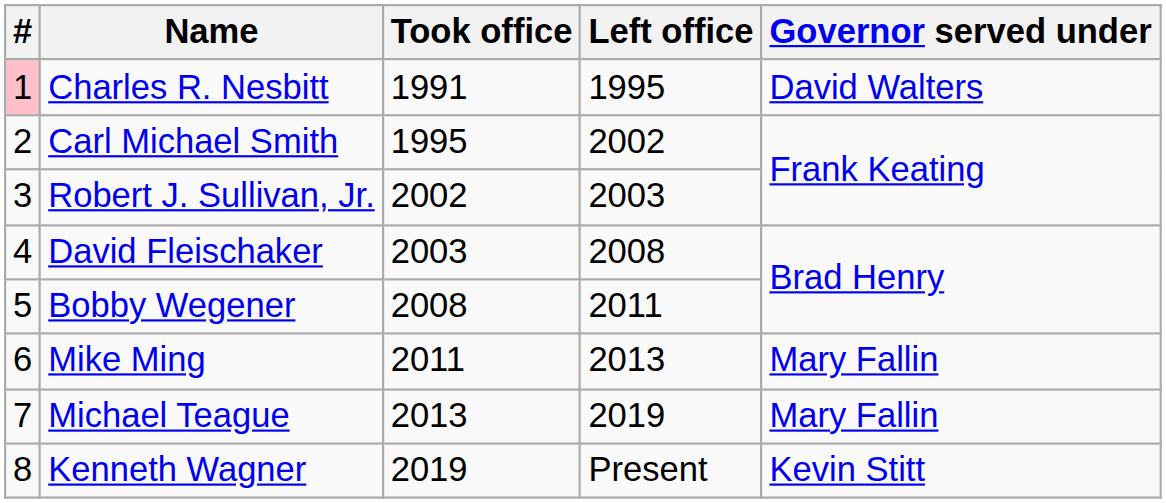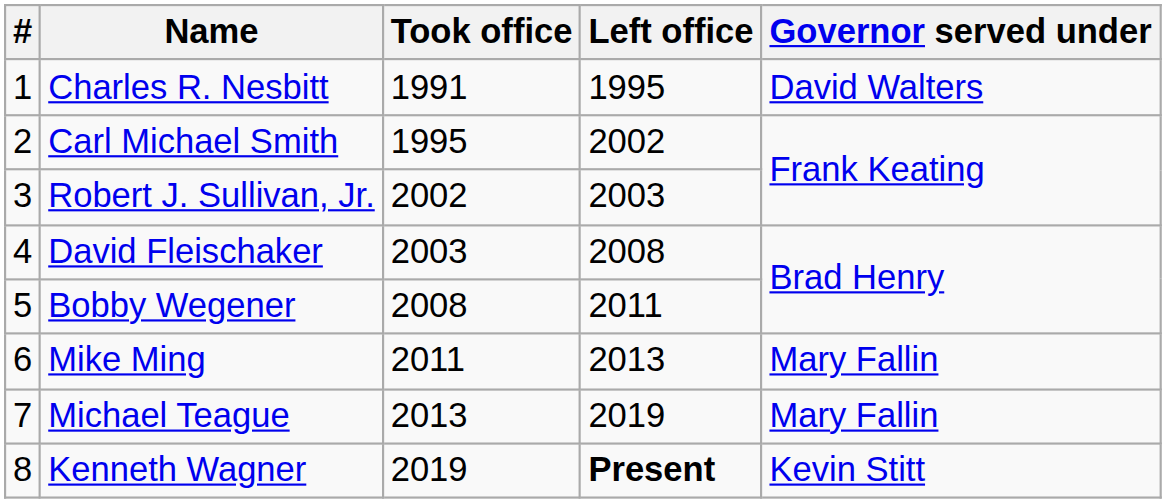 <table class="wikitable">
 <tr>
 <th>#</th>
 <th>Name</th>
 <th>Took office</th>
 <th>Left office</th>
 <th><a href='#'>Governor</a> served under</th>
 </tr>
 <tr>
-<td style="background: pink;">1</td>
+<td>1</td>
 <td><a href='#'>Charles R. Nesbitt</a></td>
 <td>1991</td>
 <td>1995</td>
 <td><a href='#'>David Walters</a></td>
 </tr>
 <tr>
 <td>2</td>
 <td><a href='#'>Carl Michael Smith</a></td>
 <td>1995</td>
 <td>2002</td>
 <td rowspan=2 ><a href='#'>Frank Keating</a></td>
 </tr>
 <tr>
 <td>3</td>
 <td><a href='#'>Robert J. Sullivan, Jr.</a></td>
 <td>2002</td>
 <td>2003</td>
 </tr>
 <tr>
 <td>4</td>
 <td><a href='#'>David Fleischaker</a></td>
 <td>2003</td>
 <td>2008</td>
 <td rowspan=2 ><a href='#'>Brad Henry</a></td>
 </tr>
 <tr>
 <td>5</td>
 <td><a href='#'>Bobby Wegener</a></td>
 <td>2008</td>
 <td>2011</td>
 </tr>
 <tr>
 <td>6</td>
 <td><a href='#'>Mike Ming</a></td>
 <td>2011</td>
 <td>2013</td>
 <td><a href='#'>Mary Fallin</a></td>
 </tr>
 <tr>
 <td>7</td>
 <td><a href='#'>Michael Teague</a></td>
 <td>2013</td>
 <td>2019</td>
 <td><a href='#'>Mary Fallin</a></td>
 </tr>
 <tr>
 <td>8</td>
 <td><a href='#'>Kenneth Wagner</a></td>
 <td>2019</td>
-<td>Present</td>
+<td><strong>Present</strong></td>
 <td><a href='#'>Kevin Stitt</a></td>
 </tr>
 </table>
